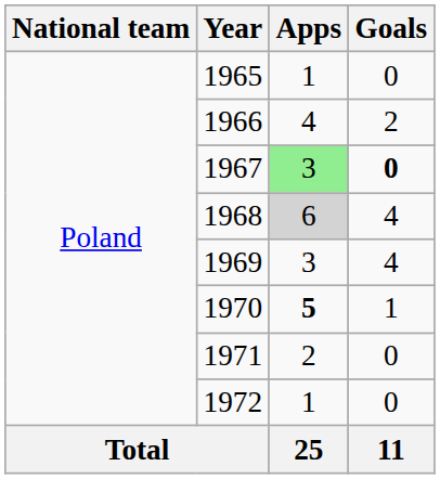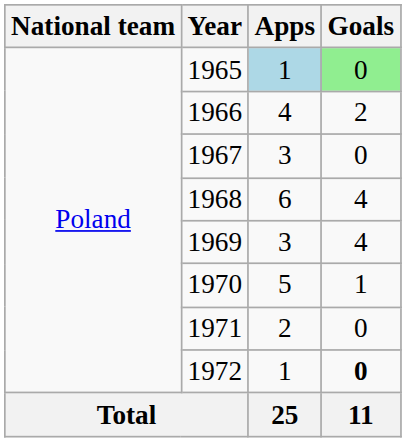 <table class="wikitable" style="text-align:center">
 <tr>
 <th>National team</th>
 <th>Year</th>
 <th>Apps</th>
 <th>Goals</th>
 </tr>
 <tr>
 <td rowspan="8"><a href='#'>Poland</a></td>
 <td>1965</td>
-<td>1</td>
-<td>0</td>
+<td style="background: lightblue;">1</td>
+<td style="background: lightgreen;">0</td>
 </tr>
 <tr>
 <td>1966</td>
 <td>4</td>
 <td>2</td>
 </tr>
 <tr>
 <td>1967</td>
-<td style="background: lightgreen;">3</td>
-<td><strong>0</strong></td>
+<td>3</td>
+<td>0</td>
 </tr>
 <tr>
 <td>1968</td>
-<td style="background: lightgrey;">6</td>
+<td>6</td>
 <td>4</td>
 </tr>
 <tr>
 <td>1969</td>
 <td>3</td>
 <td>4</td>
 </tr>
 <tr>
 <td>1970</td>
-<td><strong>5</strong></td>
+<td>5</td>
 <td>1</td>
 </tr>
 <tr>
 <td>1971</td>
 <td>2</td>
 <td>0</td>
 </tr>
 <tr>
 <td>1972</td>
 <td>1</td>
-<td>0</td>
+<td><strong>0</strong></td>
 </tr>
 <tr>
 <th colspan="2">Total</th>
 <th>25</th>
 <th>11</th>
 </tr>
 </table>
